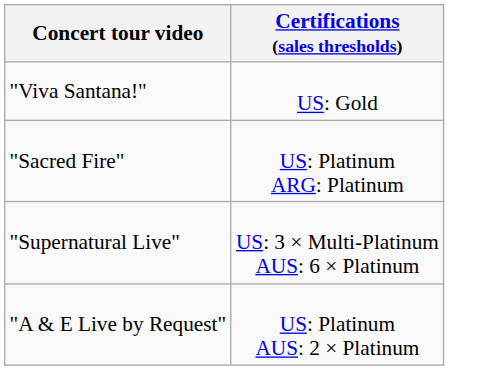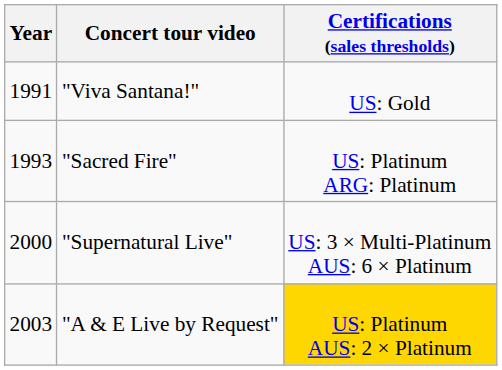 <table class="wikitable">
 <tr>
+<th>Year</th>
 <th>Concert tour video</th>
 <th><a href='#'>Certifications</a><br><small>(<a href='#'>sales thresholds</a>)</small></th>
 </tr>
 <tr style="text-align:center;">
+<td>1991</td>
 <td align="left">"Viva Santana!"</td>
 <td><br><a href='#'>US</a>: Gold</td>
 </tr>
 <tr style="text-align:center;">
+<td>1993</td>
 <td align="left">"Sacred Fire"</td>
 <td><br><a href='#'>US</a>: Platinum<br> <a href='#'>ARG</a>: Platinum</td>
 </tr>
 <tr style="text-align:center;">
+<td>2000</td>
 <td align="left">"Supernatural Live"</td>
 <td><br><a href='#'>US</a>: 3 × Multi-Platinum <br> <a href='#'>AUS</a>: 6 × Platinum</td>
 </tr>
 <tr style="text-align:center;">
+<td>2003</td>
 <td align="left">"A & E Live by Request"</td>
-<td><br><a href='#'>US</a>: Platinum <br> <a href='#'>AUS</a>: 2 × Platinum</td>
+<td style="background: gold;"><br><a href='#'>US</a>: Platinum <br> <a href='#'>AUS</a>: 2 × Platinum</td>
 </tr>
 </table>
